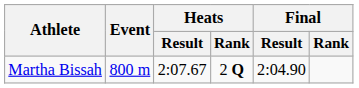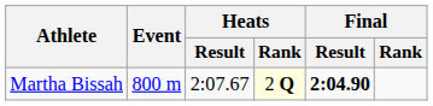 <table class="wikitable" style="font-size:90%">
 <tr>
 <th rowspan=2>Athlete</th>
 <th rowspan=2>Event</th>
 <th colspan=2>Heats</th>
 <th colspan=2>Final</th>
 </tr>
 <tr style="font-size:95%">
 <th>Result</th>
 <th>Rank</th>
 <th>Result</th>
 <th>Rank</th>
 </tr>
 <tr align=center>
 <td align=left><a href='#'>Martha Bissah</a></td>
 <td align=left><a href='#'>800 m</a></td>
 <td>2:07.67</td>
-<td>2 <strong>Q</strong></td>
-<td>2:04.90</td>
+<td style="background: lightyellow;">2 <strong>Q</strong></td>
+<td><strong>2:04.90</strong></td>
 <td></td>
 </tr>
 </table>
